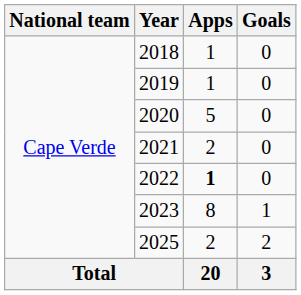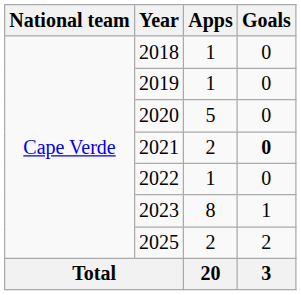 <table class=wikitable style=text-align:center>
 <tr>
 <th>National team</th>
 <th>Year</th>
 <th>Apps</th>
 <th>Goals</th>
 </tr>
 <tr>
 <td rowspan=7><a href='#'>Cape Verde</a></td>
 <td>2018</td>
 <td>1</td>
 <td>0</td>
 </tr>
 <tr>
 <td>2019</td>
 <td>1</td>
 <td>0</td>
 </tr>
 <tr>
 <td>2020</td>
 <td>5</td>
 <td>0</td>
 </tr>
 <tr>
 <td>2021</td>
 <td>2</td>
-<td>0</td>
+<td><strong>0</strong></td>
 </tr>
 <tr>
 <td>2022</td>
-<td><strong>1</strong></td>
+<td>1</td>
 <td>0</td>
 </tr>
 <tr>
 <td>2023</td>
 <td>8</td>
 <td>1</td>
 </tr>
 <tr>
 <td>2025</td>
 <td>2</td>
 <td>2</td>
 </tr>
 <tr>
 <th colspan=2>Total</th>
 <th>20</th>
 <th>3</th>
 </tr>
 </table>
